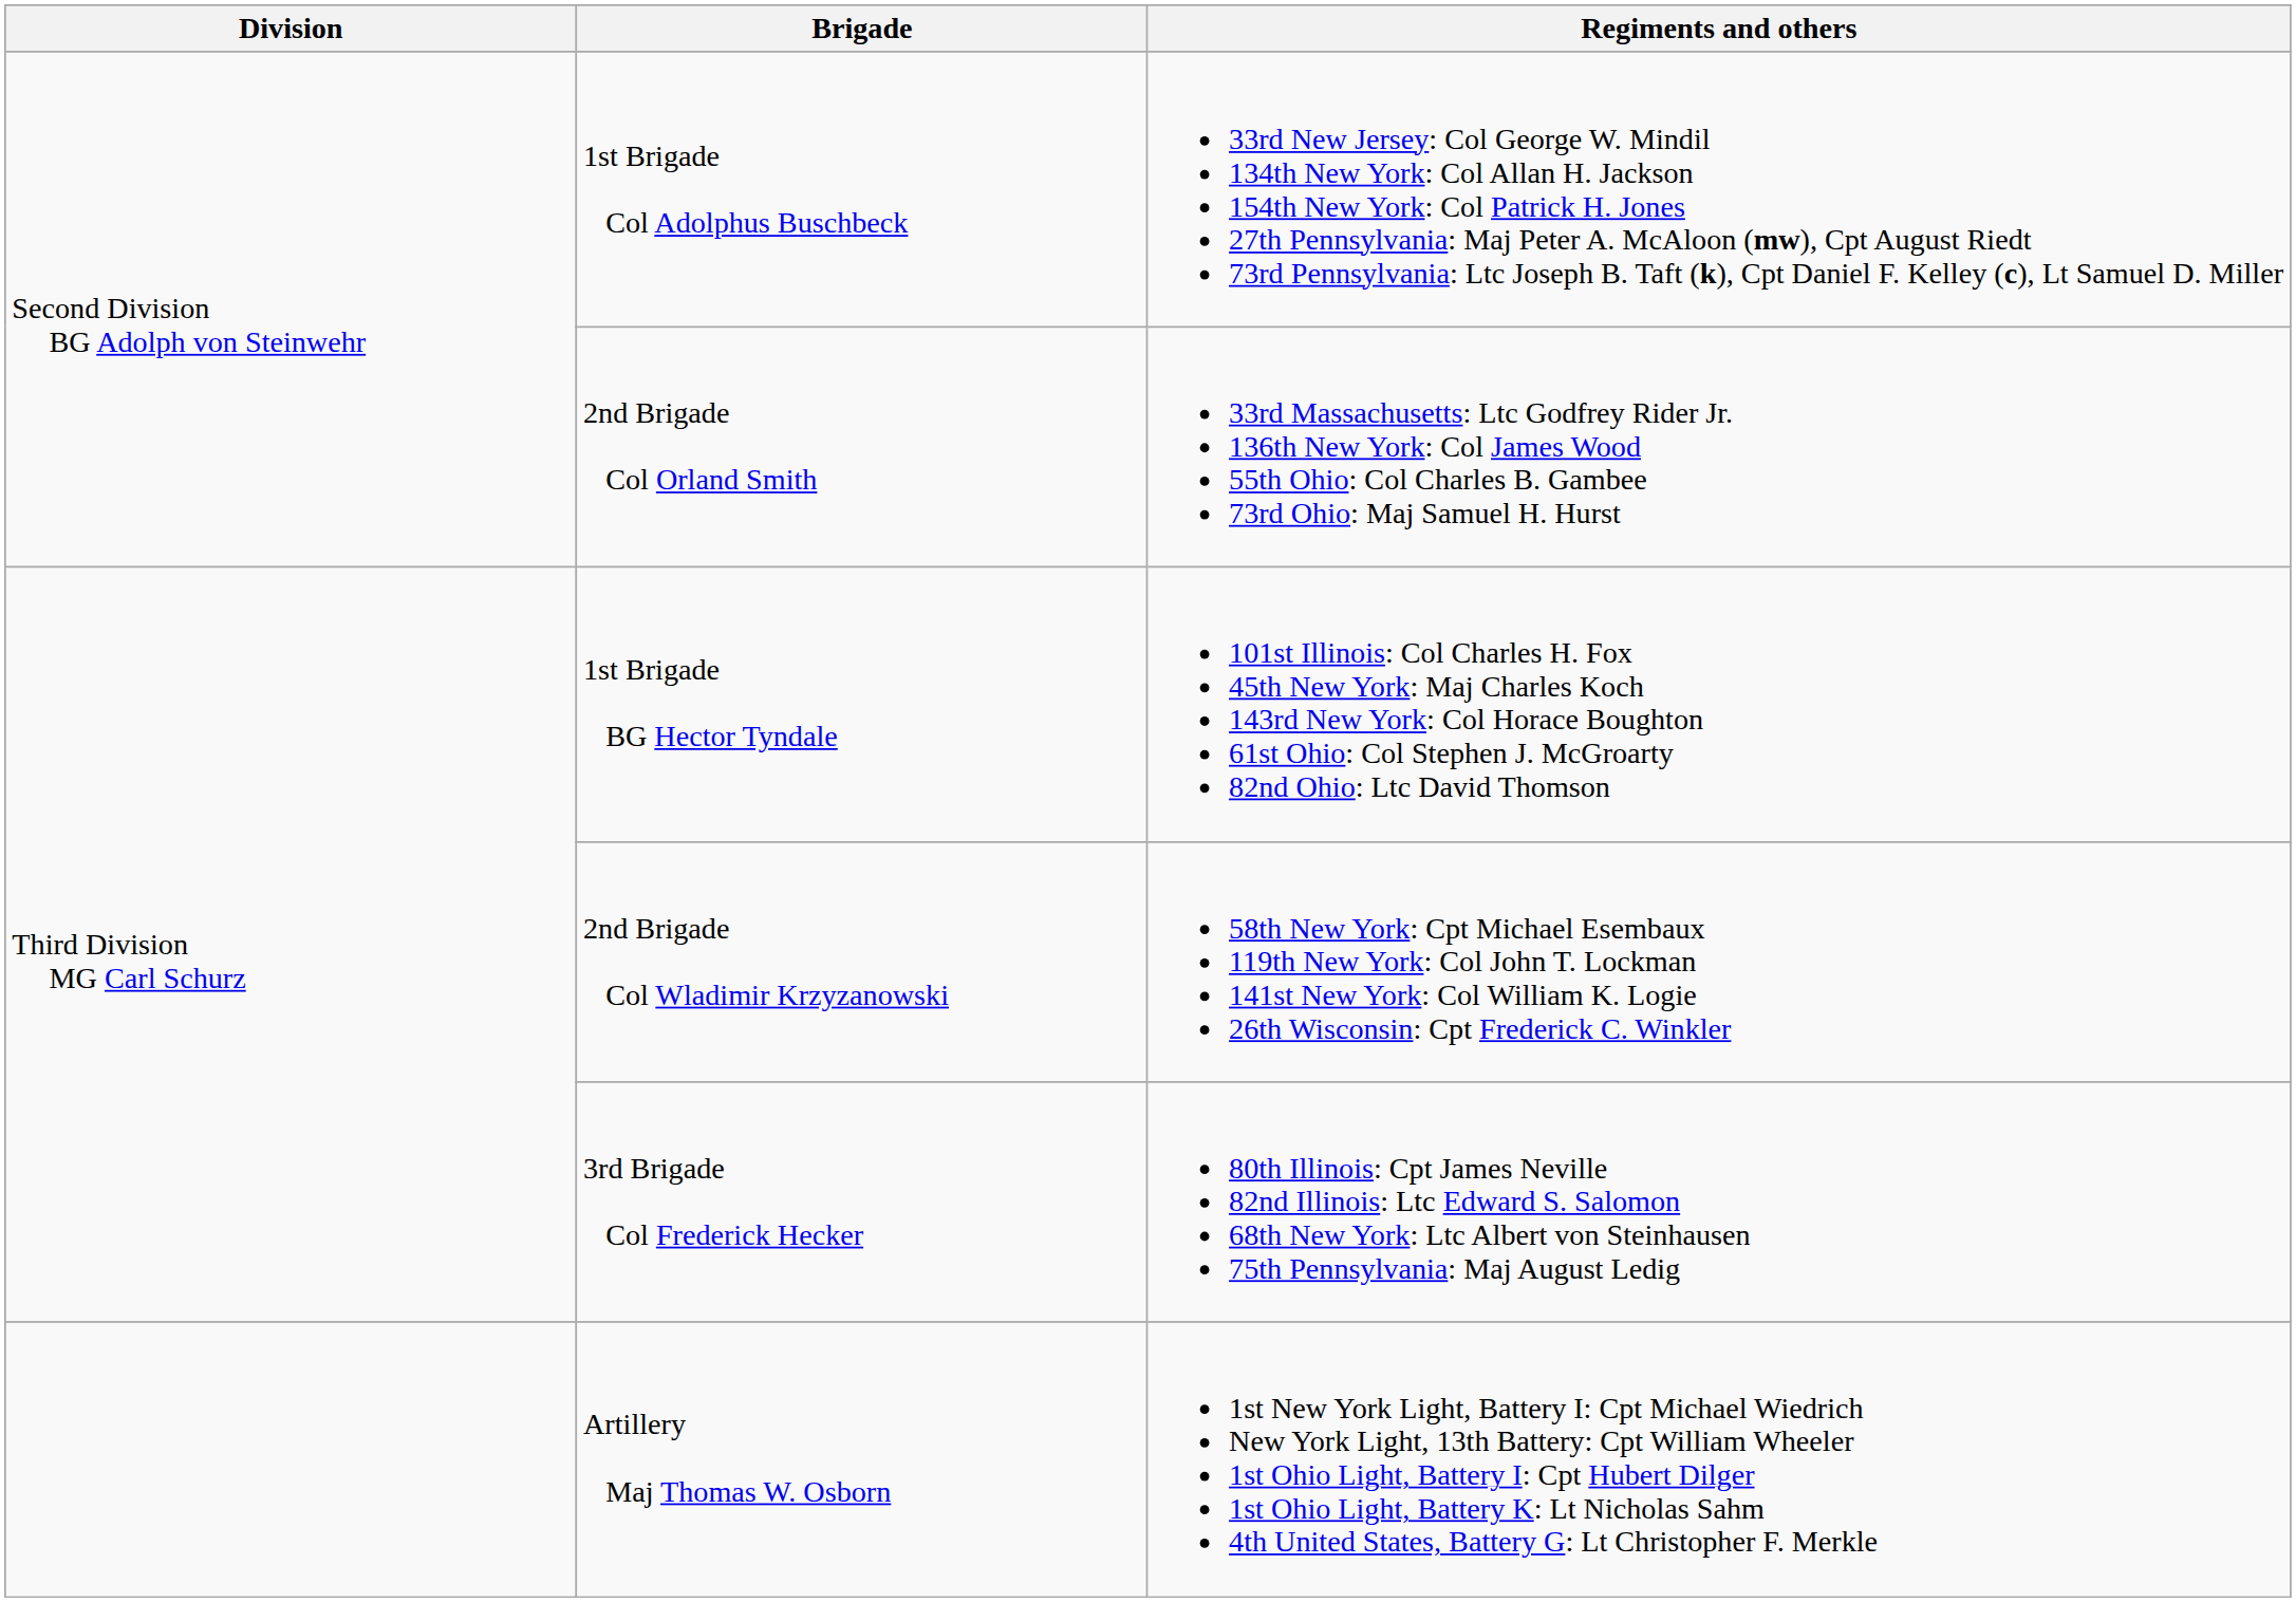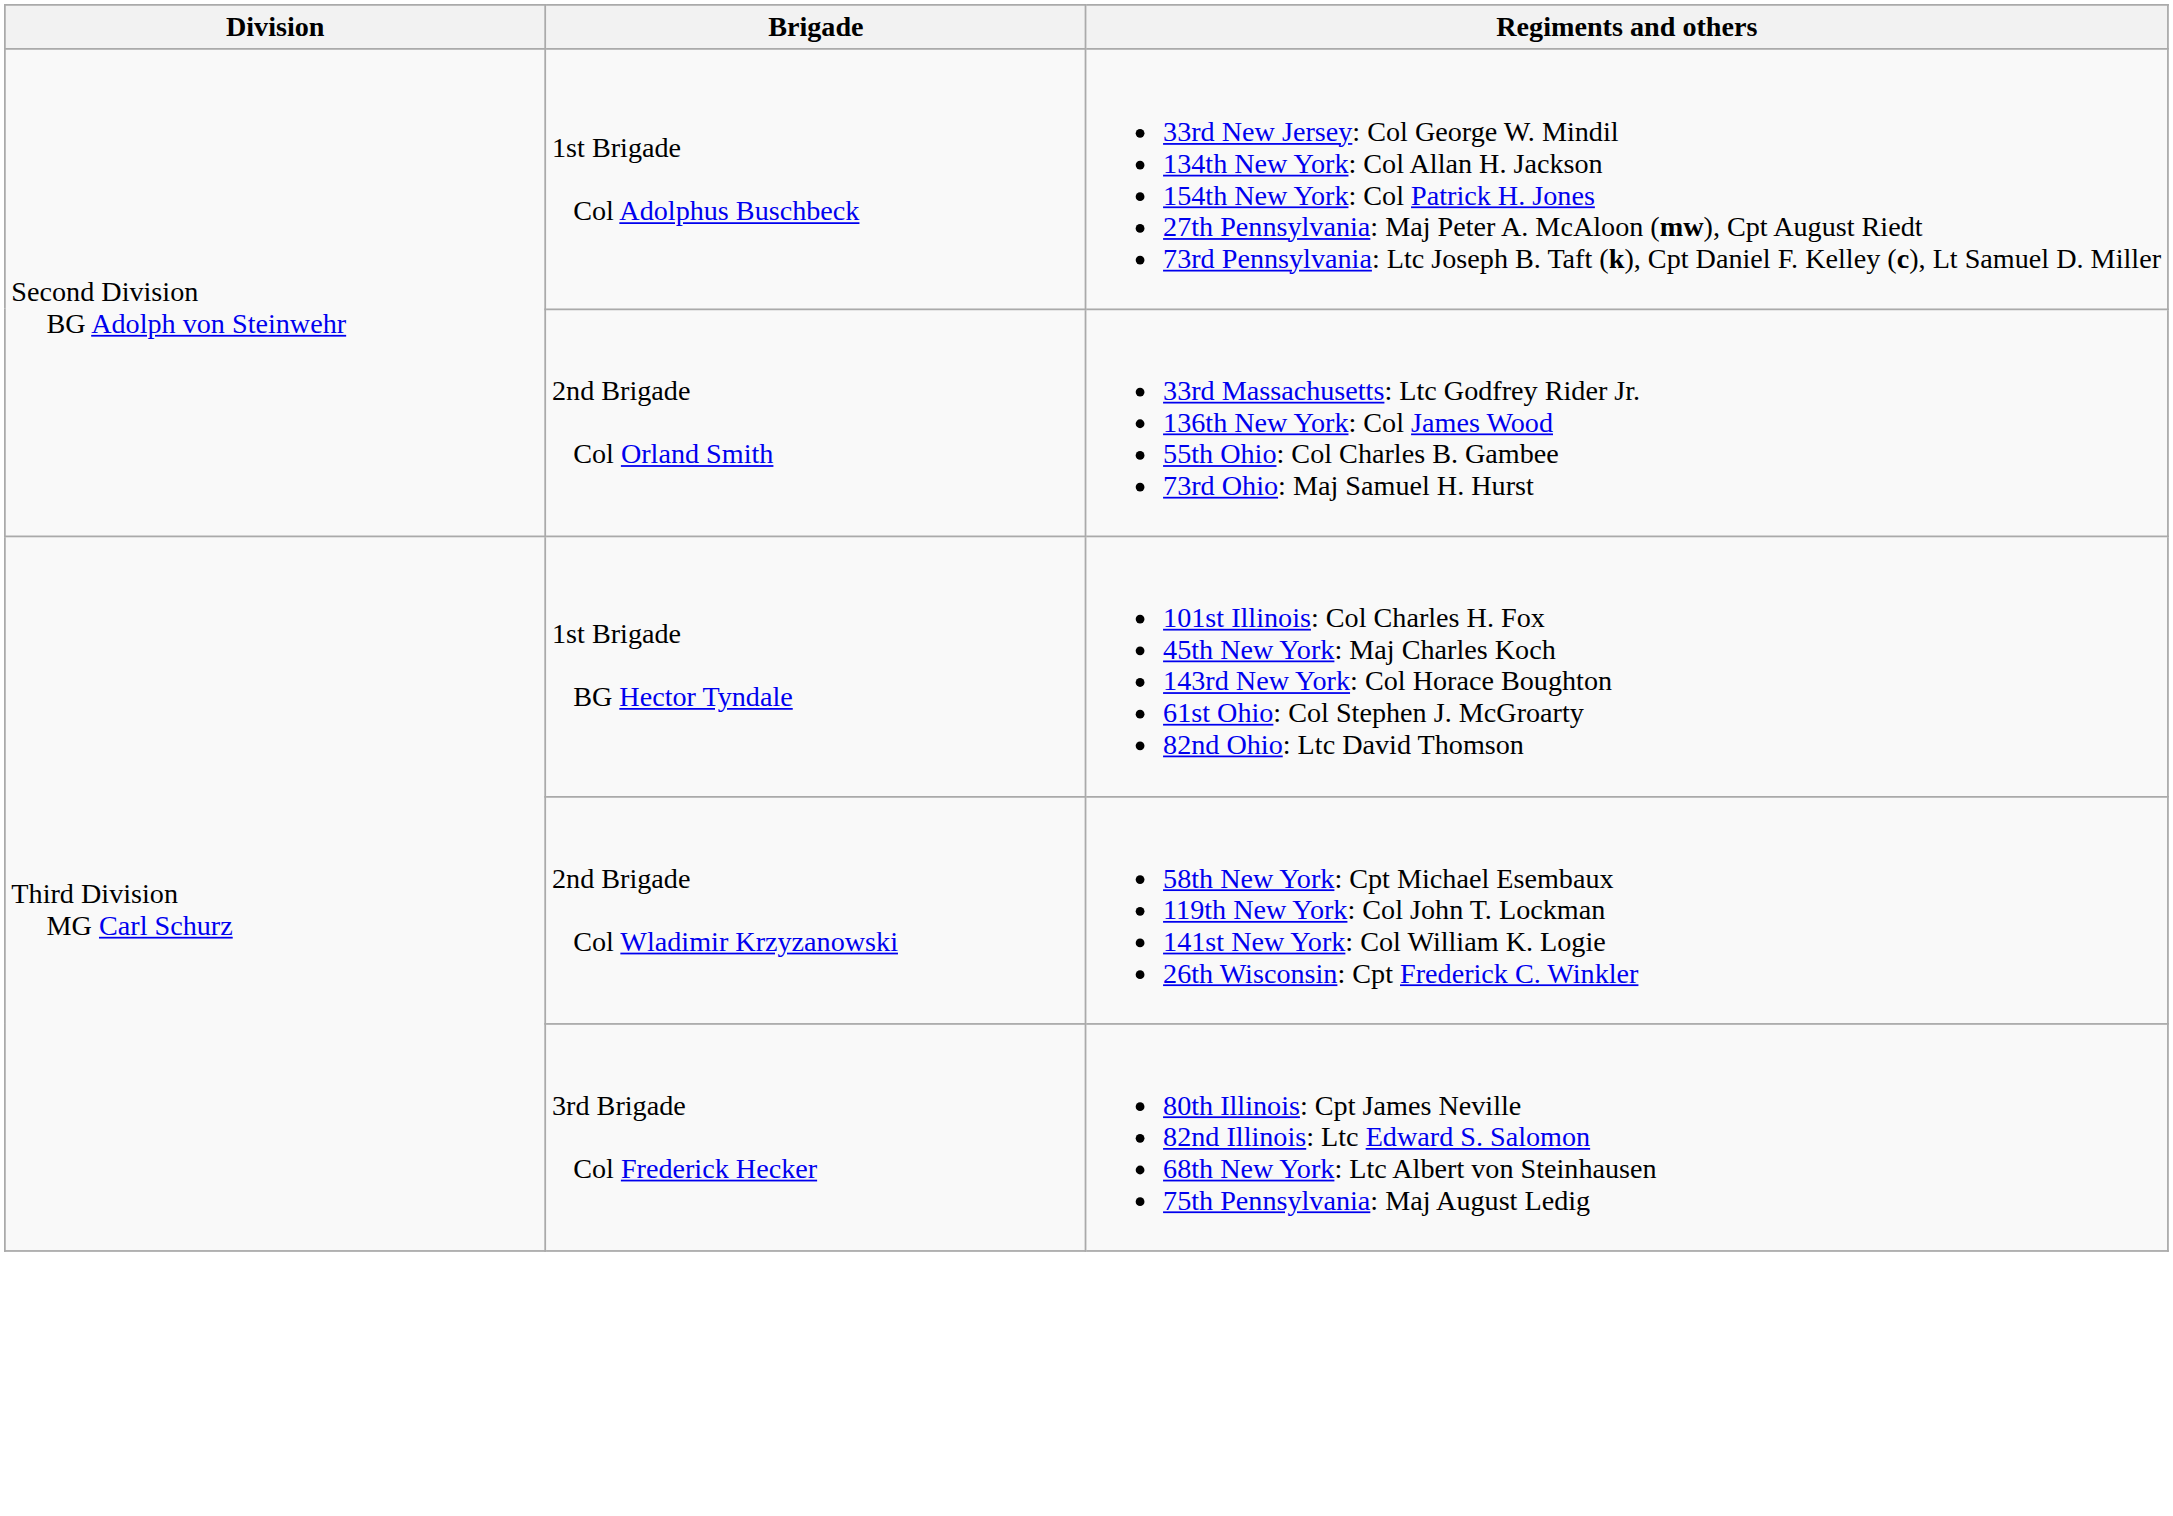 <table class="wikitable">
 <tr>
 <th width=25%>Division</th>
 <th width=25%>Brigade</th>
 <th>Regiments and others</th>
 </tr>
 <tr>
 <td rowspan=2><br>Second Division <br>     BG <a href='#'>Adolph von Steinwehr</a></td>
 <td>1st Brigade<br><br>   Col <a href='#'>Adolphus Buschbeck</a></td>
 <td><br><ul><li><a href='#'>33rd New Jersey</a>: Col George W. Mindil</li><li><a href='#'>134th New York</a>: Col Allan H. Jackson</li><li><a href='#'>154th New York</a>: Col <a href='#'>Patrick H. Jones</a></li><li><a href='#'>27th Pennsylvania</a>: Maj Peter A. McAloon (<strong>mw</strong>), Cpt August Riedt</li><li><a href='#'>73rd Pennsylvania</a>: Ltc Joseph B. Taft (<strong>k</strong>), Cpt Daniel F. Kelley (<strong>c</strong>), Lt Samuel D. Miller</li></ul></td>
 </tr>
 <tr>
 <td>2nd Brigade<br><br>   Col <a href='#'>Orland Smith</a></td>
 <td><br><ul><li><a href='#'>33rd Massachusetts</a>: Ltc Godfrey Rider Jr.</li><li><a href='#'>136th New York</a>: Col <a href='#'>James Wood</a></li><li><a href='#'>55th Ohio</a>: Col Charles B. Gambee</li><li><a href='#'>73rd Ohio</a>: Maj Samuel H. Hurst</li></ul></td>
 </tr>
 <tr>
 <td rowspan=3><br>Third Division <br>     MG <a href='#'>Carl Schurz</a></td>
 <td>1st Brigade<br><br>   BG <a href='#'>Hector Tyndale</a></td>
 <td><br><ul><li><a href='#'>101st Illinois</a>: Col Charles H. Fox</li><li><a href='#'>45th New York</a>: Maj Charles Koch</li><li><a href='#'>143rd New York</a>: Col Horace Boughton</li><li><a href='#'>61st Ohio</a>: Col Stephen J. McGroarty</li><li><a href='#'>82nd Ohio</a>: Ltc David Thomson</li></ul></td>
 </tr>
 <tr>
 <td>2nd Brigade<br><br>   Col <a href='#'>Wladimir Krzyzanowski</a></td>
 <td><br><ul><li><a href='#'>58th New York</a>: Cpt Michael Esembaux</li><li><a href='#'>119th New York</a>: Col John T. Lockman</li><li><a href='#'>141st New York</a>: Col William K. Logie</li><li><a href='#'>26th Wisconsin</a>: Cpt <a href='#'>Frederick C. Winkler</a></li></ul></td>
 </tr>
 <tr>
 <td>3rd Brigade<br><br>   Col <a href='#'>Frederick Hecker</a></td>
 <td><br><ul><li><a href='#'>80th Illinois</a>: Cpt James Neville</li><li><a href='#'>82nd Illinois</a>: Ltc <a href='#'>Edward S. Salomon</a></li><li><a href='#'>68th New York</a>: Ltc Albert von Steinhausen</li><li><a href='#'>75th Pennsylvania</a>: Maj August Ledig</li></ul></td>
 </tr>
-<tr>
-<td></td>
-<td>Artillery<br><br>   Maj <a href='#'>Thomas W. Osborn</a></td>
-<td><br><ul><li>1st New York Light, Battery I: Cpt Michael Wiedrich</li><li>New York Light, 13th Battery: Cpt William Wheeler</li><li><a href='#'>1st Ohio Light, Battery I</a>: Cpt <a href='#'>Hubert Dilger</a></li><li><a href='#'>1st Ohio Light, Battery K</a>: Lt Nicholas Sahm</li><li><a href='#'>4th United States, Battery G</a>: Lt Christopher F. Merkle</li></ul></td>
-</tr>
 </table>
